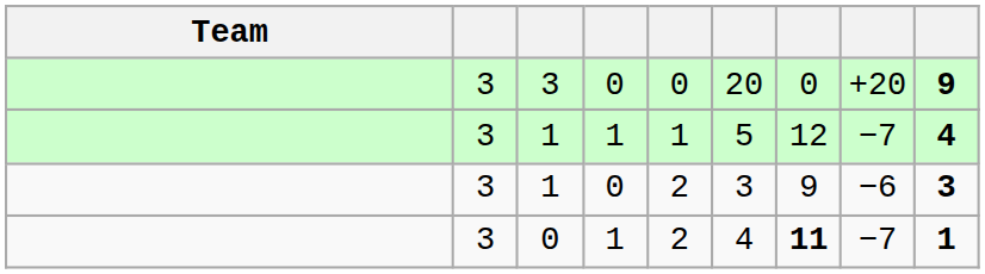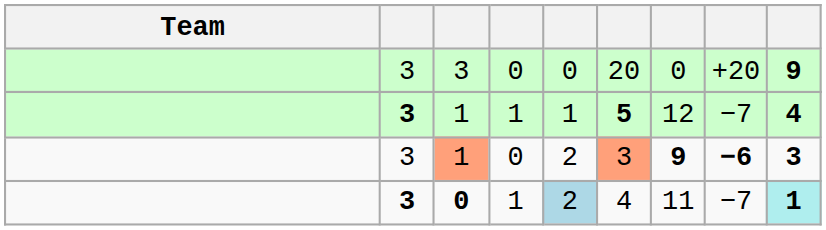 <table class="wikitable" style="text-align: center;">
 <tr>
 <th width=175>Team</th>
 <th width=20></th>
 <th width=20></th>
 <th width=20></th>
 <th width=20></th>
 <th width=20></th>
 <th width=20></th>
 <th width=20></th>
 <th width=20></th>
 </tr>
 <tr bgcolor="#ccffcc">
 <td style="text-align:left;"></td>
 <td>3</td>
 <td>3</td>
 <td>0</td>
 <td>0</td>
 <td>20</td>
 <td>0</td>
 <td>+20</td>
 <td><strong>9</strong></td>
 </tr>
 <tr align=center>
 </tr>
 <tr bgcolor="#ccffcc">
 <td style="text-align:left;"></td>
-<td>3</td>
+<td><strong>3</strong></td>
 <td>1</td>
 <td>1</td>
 <td>1</td>
-<td>5</td>
+<td><strong>5</strong></td>
 <td>12</td>
 <td>−7</td>
 <td><strong>4</strong></td>
 </tr>
 <tr align=center>
 <td style="text-align:left;"><em></em></td>
 <td>3</td>
-<td>1</td>
+<td style="background: lightsalmon;">1</td>
 <td>0</td>
 <td>2</td>
-<td>3</td>
-<td>9</td>
-<td>−6</td>
+<td style="background: lightsalmon;">3</td>
+<td><strong>9</strong></td>
+<td><strong>−6</strong></td>
 <td><strong>3</strong></td>
 </tr>
 <tr align=center>
 <td style="text-align:left;"></td>
-<td>3</td>
-<td>0</td>
+<td><strong>3</strong></td>
+<td><strong>0</strong></td>
 <td>1</td>
-<td>2</td>
+<td style="background: lightblue;">2</td>
 <td>4</td>
-<td><strong>11</strong></td>
+<td>11</td>
 <td>−7</td>
-<td><strong>1</strong></td>
+<td style="background: paleturquoise;"><strong>1</strong></td>
 </tr>
 </table>
